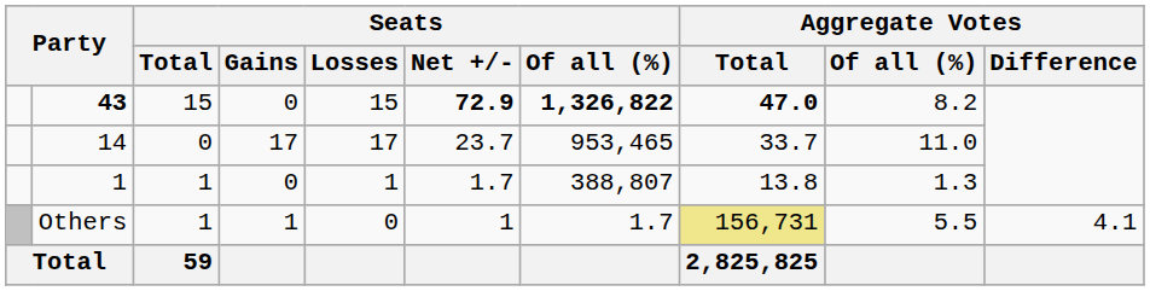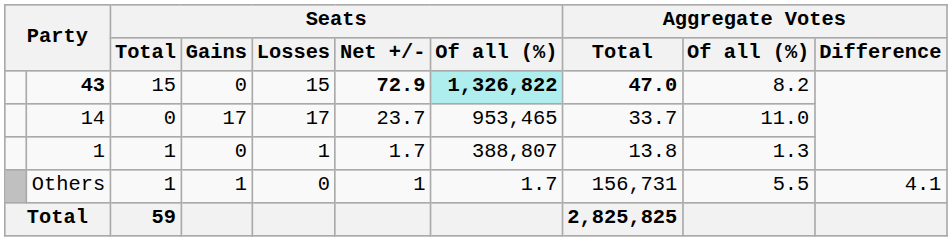 <table class="wikitable sortable" style="text-align:right; font-size:95%;">
 <tr>
 <th colspan="2" rowspan="2">Party</th>
 <th colspan="5">Seats</th>
 <th colspan="3">Aggregate Votes</th>
 </tr>
 <tr>
 <th>Total</th>
 <th>Gains</th>
 <th>Losses</th>
 <th>Net +/-</th>
 <th>Of all (%)</th>
 <th>Total</th>
 <th>Of all (%)</th>
 <th>Difference</th>
 </tr>
 <tr>
 <td></td>
 <td><strong>43</strong></td>
 <td>15</td>
 <td>0</td>
 <td>15</td>
 <td><strong>72.9</strong></td>
-<td><strong>1,326,822</strong></td>
+<td style="background: paleturquoise;"><strong>1,326,822</strong></td>
 <td><strong>47.0</strong></td>
 <td>8.2</td>
 </tr>
 <tr>
 <td></td>
 <td>14</td>
 <td>0</td>
 <td>17</td>
 <td>17</td>
 <td>23.7</td>
 <td>953,465</td>
 <td>33.7</td>
 <td>11.0</td>
 </tr>
 <tr>
 <td></td>
 <td>1</td>
 <td>1</td>
 <td>0</td>
 <td>1</td>
 <td>1.7</td>
 <td>388,807</td>
 <td>13.8</td>
 <td>1.3</td>
 </tr>
 <tr>
 <td style="background:silver;"> </td>
 <td align=left>Others</td>
 <td>1</td>
 <td>1</td>
 <td>0</td>
 <td>1</td>
 <td>1.7</td>
-<td style="background: khaki;">156,731</td>
+<td>156,731</td>
 <td>5.5</td>
 <td>4.1</td>
 </tr>
 <tr class="sortbottom">
 <th colspan="2" style="background:#f2f2f2"><strong>Total</strong></th>
 <td style="background:#f2f2f2;"><strong>59</strong></td>
 <td style="background:#f2f2f2;"></td>
 <td style="background:#f2f2f2;"></td>
 <td style="background:#f2f2f2;"></td>
 <td style="background:#f2f2f2;"></td>
 <td style="background:#f2f2f2;"><strong>2,825,825</strong></td>
 <td style="background:#f2f2f2;"></td>
 <td style="background:#f2f2f2;"></td>
 </tr>
 </table>
